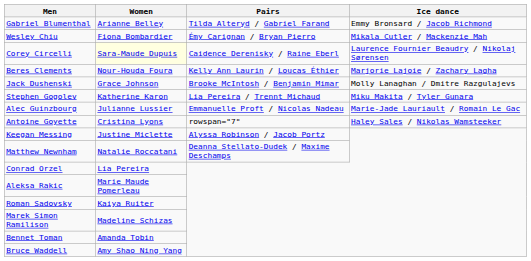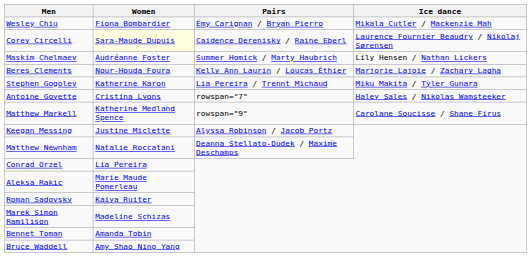 <table class="wikitable">
 <tr>
 <th>Men</th>
 <th>Women</th>
 <th>Pairs</th>
 <th>Ice dance</th>
-</tr>
-<tr>
-<td><a href='#'>Gabriel Blumenthal</a></td>
-<td><a href='#'>Arianne Belley</a></td>
-<td><a href='#'>Tilda Alteryd</a> / <a href='#'>Gabriel Farand</a></td>
-<td>Emmy Bronsard / <a href='#'>Jacob Richmond</a></td>
 </tr>
 <tr>
 <td><a href='#'>Wesley Chiu</a></td>
 <td><a href='#'>Fiona Bombardier</a></td>
 <td><a href='#'>Émy Carignan</a> / <a href='#'>Bryan Pierro</a></td>
 <td><a href='#'>Mikala Cutler</a> / <a href='#'>Mackenzie Mah</a></td>
 </tr>
 <tr>
 <td><a href='#'>Corey Circelli</a></td>
 <td style="background: lightyellow;"><a href='#'>Sara-Maude Dupuis</a></td>
 <td><a href='#'>Caidence Derenisky</a> / <a href='#'>Raine Eberl</a></td>
 <td><a href='#'>Laurence Fournier Beaudry</a> / <a href='#'>Nikolaj Sørensen</a></td>
 </tr>
 <tr>
+<td><a href='#'>Maskim Chelmaev</a></td>
+<td><a href='#'>Audréanne Foster</a></td>
+<td><a href='#'>Summer Homick</a> / <a href='#'>Marty Haubrich</a></td>
+<td>Lily Hensen / <a href='#'>Nathan Lickers</a></td>
+</tr>
+<tr>
 <td><a href='#'>Beres Clements</a></td>
 <td><a href='#'>Nour-Houda Foura</a></td>
 <td><a href='#'>Kelly Ann Laurin</a> / <a href='#'>Loucas Éthier</a></td>
 <td><a href='#'>Marjorie Lajoie</a> / <a href='#'>Zachary Lagha</a></td>
-</tr>
-<tr>
-<td><a href='#'>Jack Dushenski</a></td>
-<td><a href='#'>Grace Johnson</a></td>
-<td><a href='#'>Brooke McIntosh</a> / <a href='#'>Benjamin Mimar</a></td>
-<td>Molly Lanaghan / Dmitre Razgulajevs</td>
 </tr>
 <tr>
 <td><a href='#'>Stephen Gogolev</a></td>
 <td><a href='#'>Katherine Karon</a></td>
 <td><a href='#'>Lia Pereira</a> / <a href='#'>Trennt Michaud</a></td>
 <td><a href='#'>Miku Makita</a> / <a href='#'>Tyler Gunara</a></td>
 </tr>
 <tr>
-<td><a href='#'>Alec Guinzbourg</a></td>
-<td><a href='#'>Julianne Lussier</a></td>
-<td><a href='#'>Emmanuelle Proft</a> / <a href='#'>Nicolas Nadeau</a></td>
-<td><a href='#'>Marie-Jade Lauriault</a> / <a href='#'>Romain Le Gac</a></td>
-</tr>
-<tr>
 <td><a href='#'>Antoine Goyette</a></td>
 <td><a href='#'>Cristina Lyons</a></td>
 <td>rowspan="7" </td>
 <td><a href='#'>Haley Sales</a> / <a href='#'>Nikolas Wamsteeker</a></td>
+</tr>
+<tr>
+<td><a href='#'>Matthew Markell</a></td>
+<td><a href='#'>Katherine Medland Spence</a></td>
+<td>rowspan="9" </td>
+<td><a href='#'>Carolane Soucisse</a> / <a href='#'>Shane Firus</a></td>
 </tr>
 <tr>
 <td><a href='#'>Keegan Messing</a></td>
 <td><a href='#'>Justine Miclette</a></td>
 <td><a href='#'>Alyssa Robinson</a> / <a href='#'>Jacob Portz</a></td>
 </tr>
 <tr>
 <td><a href='#'>Matthew Newnham</a></td>
 <td><a href='#'>Natalie Roccatani</a></td>
 <td><a href='#'>Deanna Stellato-Dudek</a> / <a href='#'>Maxime Deschamps</a></td>
 </tr>
 <tr>
 <td><a href='#'>Conrad Orzel</a></td>
 <td><a href='#'>Lia Pereira</a></td>
 </tr>
 <tr>
 <td><a href='#'>Aleksa Rakic</a></td>
 <td><a href='#'>Marie Maude Pomerleau</a></td>
 </tr>
 <tr>
 <td><a href='#'>Roman Sadovsky</a></td>
 <td><a href='#'>Kaiya Ruiter</a></td>
 </tr>
 <tr>
 <td><a href='#'>Marek Simon Ramilison</a></td>
 <td><a href='#'>Madeline Schizas</a></td>
 </tr>
 <tr>
 <td><a href='#'>Bennet Toman</a></td>
 <td><a href='#'>Amanda Tobin</a></td>
 </tr>
 <tr>
 <td><a href='#'>Bruce Waddell</a></td>
 <td><a href='#'>Amy Shao Ning Yang</a></td>
 </tr>
 </table>
